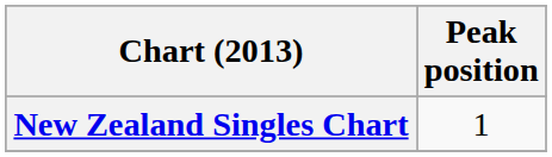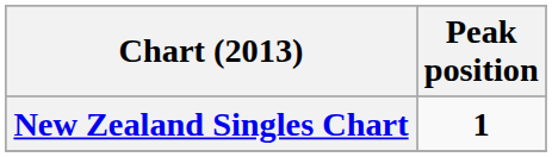 <table class="wikitable sortable plainrowheaders">
 <tr>
 <th scope="col">Chart (2013)</th>
 <th scope="col">Peak<br>position</th>
 </tr>
 <tr>
 <th scope="row"><a href='#'>New Zealand Singles Chart</a></th>
-<td style="text-align:center;">1</td>
+<td style="text-align:center;"><strong>1</strong></td>
 </tr>
 <tr>
 </tr>
 </table>
